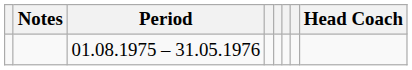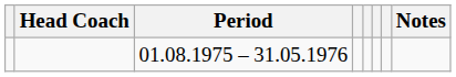 <table class="wikitable" style="text-align: left;">
 <tr>
 <th></th>
-<th>Notes</th>
+<th>Head Coach</th>
 <th>Period</th>
 <th></th>
 <th></th>
 <th></th>
 <th></th>
-<th>Head Coach</th>
+<th>Notes</th>
 </tr>
 <tr>
 <td></td>
 <td></td>
 <td>01.08.1975 – 31.05.1976</td>
 <td align="center"></td>
 <td align="center"></td>
 <td align="center"></td>
 <td align="center"></td>
 <td></td>
 </tr>
 </table>
